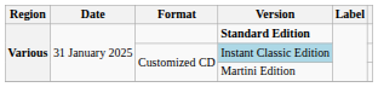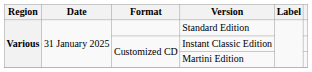 <table class="wikitable plainrowheaders">
 <tr>
 <th scope="col">Region</th>
 <th scope="col">Date</th>
 <th scope="col">Format</th>
 <th>Version</th>
 <th scope="col">Label</th>
 <th scope="col"></th>
 </tr>
 <tr>
 <th rowspan="3" scope="row">Various</th>
 <td rowspan="3">31 January 2025</td>
 <td rowspan=""></td>
-<td><strong>Standard Edition</strong></td>
+<td>Standard Edition</td>
 <td rowspan="3"></td>
 <td style="text-align:center"></td>
 </tr>
 <tr>
 <td rowspan="2">Customized CD</td>
-<td style="background: lightblue;">Instant Classic Edition</td>
+<td>Instant Classic Edition</td>
 <td></td>
 </tr>
 <tr>
 <td>Martini Edition</td>
 <td></td>
 </tr>
 <tr>
 </tr>
 </table>
